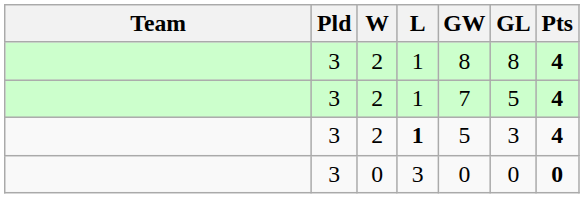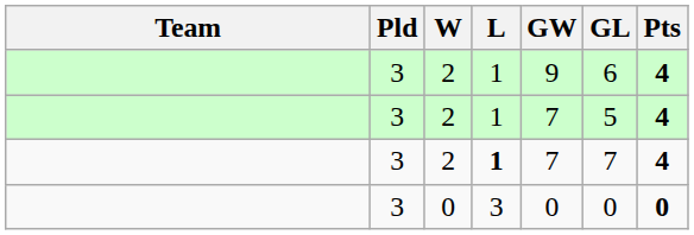 <table class="wikitable" style="text-align:center">
 <tr>
 <th width=200>Team</th>
 <th width=20>Pld</th>
 <th width=20>W</th>
 <th width=20>L</th>
 <th width=20>GW</th>
 <th width=20>GL</th>
 <th width=20>Pts</th>
 </tr>
 <tr bgcolor=#ccffcc>
 <td style="text-align:left;"></td>
 <td>3</td>
 <td>2</td>
 <td>1</td>
-<td>8</td>
-<td>8</td>
+<td>9</td>
+<td>6</td>
 <td><strong>4</strong></td>
 </tr>
 <tr bgcolor=#ccffcc>
 <td style="text-align:left;"></td>
 <td>3</td>
 <td>2</td>
 <td>1</td>
 <td>7</td>
 <td>5</td>
 <td><strong>4</strong></td>
 </tr>
 <tr>
 <td style="text-align:left;"></td>
 <td>3</td>
 <td>2</td>
 <td><strong>1</strong></td>
-<td>5</td>
-<td>3</td>
+<td>7</td>
+<td>7</td>
 <td><strong>4</strong></td>
 </tr>
 <tr>
 <td style="text-align:left;"></td>
 <td>3</td>
 <td>0</td>
 <td>3</td>
 <td>0</td>
 <td>0</td>
 <td><strong>0</strong></td>
 </tr>
 </table>
